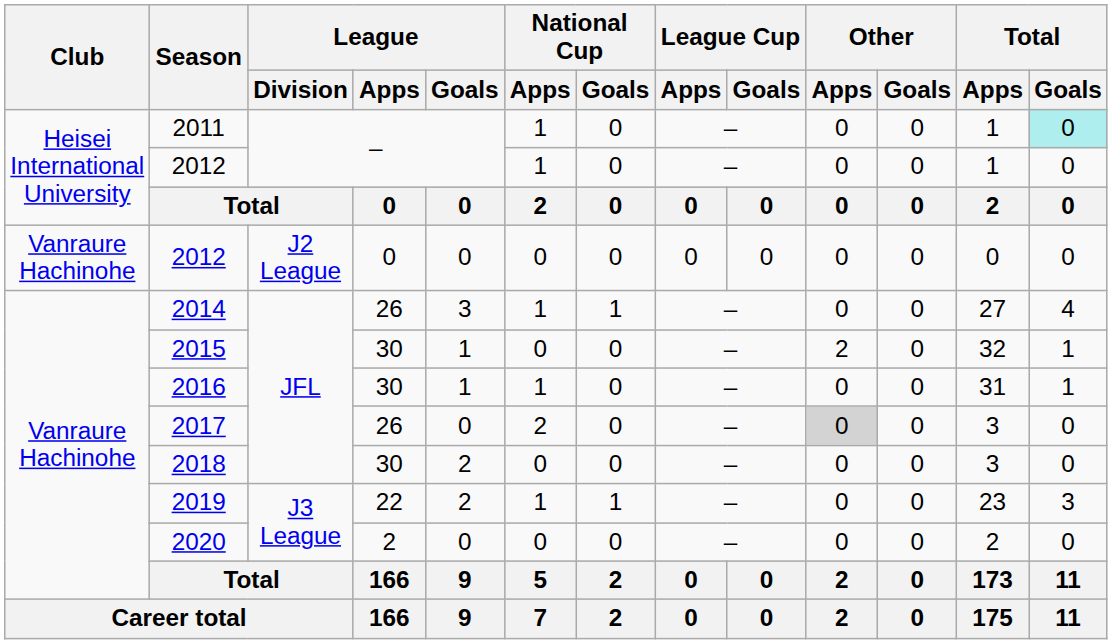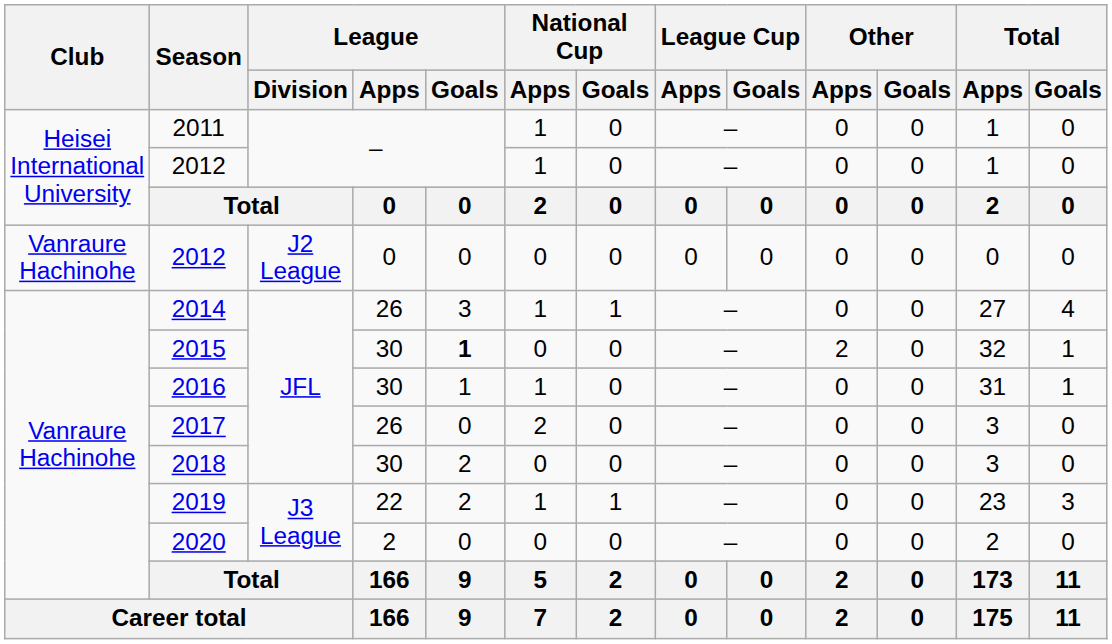 <table class="wikitable" style="text-align: center">
 <tr>
 <th rowspan="2">Club</th>
 <th rowspan="2">Season</th>
 <th colspan="3">League</th>
 <th colspan="2">National Cup</th>
 <th colspan="2">League Cup</th>
 <th colspan="2">Other</th>
 <th colspan="2">Total</th>
 </tr>
 <tr>
 <th>Division</th>
 <th>Apps</th>
 <th>Goals</th>
 <th>Apps</th>
 <th>Goals</th>
 <th>Apps</th>
 <th>Goals</th>
 <th>Apps</th>
 <th>Goals</th>
 <th>Apps</th>
 <th>Goals</th>
 </tr>
 <tr>
 <td rowspan="3"><a href='#'>Heisei International University</a></td>
 <td>2011</td>
 <td colspan="3" rowspan="2">–</td>
 <td>1</td>
 <td>0</td>
 <td colspan="2">–</td>
 <td>0</td>
 <td>0</td>
 <td>1</td>
-<td style="background: paleturquoise;">0</td>
+<td>0</td>
 </tr>
 <tr>
 <td>2012</td>
 <td>1</td>
 <td>0</td>
 <td colspan="2">–</td>
 <td>0</td>
 <td>0</td>
 <td>1</td>
 <td>0</td>
 </tr>
 <tr>
 <th colspan=2>Total</th>
 <th>0</th>
 <th>0</th>
 <th>2</th>
 <th>0</th>
 <th>0</th>
 <th>0</th>
 <th>0</th>
 <th>0</th>
 <th>2</th>
 <th>0</th>
 </tr>
 <tr>
 <td><a href='#'>Vanraure Hachinohe</a></td>
 <td><a href='#'>2012</a></td>
 <td><a href='#'>J2 League</a></td>
 <td>0</td>
 <td>0</td>
 <td>0</td>
 <td>0</td>
 <td>0</td>
 <td>0</td>
 <td>0</td>
 <td>0</td>
 <td>0</td>
 <td>0</td>
 </tr>
 <tr>
 <td rowspan="8"><a href='#'>Vanraure Hachinohe</a></td>
 <td><a href='#'>2014</a></td>
 <td rowspan="5"><a href='#'>JFL</a></td>
 <td>26</td>
 <td>3</td>
 <td>1</td>
 <td>1</td>
 <td colspan="2">–</td>
 <td>0</td>
 <td>0</td>
 <td>27</td>
 <td>4</td>
 </tr>
 <tr>
 <td><a href='#'>2015</a></td>
 <td>30</td>
-<td>1</td>
+<td><strong>1</strong></td>
 <td>0</td>
 <td>0</td>
 <td colspan="2">–</td>
 <td>2</td>
 <td>0</td>
 <td>32</td>
 <td>1</td>
 </tr>
 <tr>
 <td><a href='#'>2016</a></td>
 <td>30</td>
 <td>1</td>
 <td>1</td>
 <td>0</td>
 <td colspan="2">–</td>
 <td>0</td>
 <td>0</td>
 <td>31</td>
 <td>1</td>
 </tr>
 <tr>
 <td><a href='#'>2017</a></td>
 <td>26</td>
 <td>0</td>
 <td>2</td>
 <td>0</td>
 <td colspan="2">–</td>
-<td style="background: lightgrey;">0</td>
+<td>0</td>
 <td>0</td>
 <td>3</td>
 <td>0</td>
 </tr>
 <tr>
 <td><a href='#'>2018</a></td>
 <td>30</td>
 <td>2</td>
 <td>0</td>
 <td>0</td>
 <td colspan="2">–</td>
 <td>0</td>
 <td>0</td>
 <td>3</td>
 <td>0</td>
 </tr>
 <tr>
 <td><a href='#'>2019</a></td>
 <td rowspan="2"><a href='#'>J3 League</a></td>
 <td>22</td>
 <td>2</td>
 <td>1</td>
 <td>1</td>
 <td colspan="2">–</td>
 <td>0</td>
 <td>0</td>
 <td>23</td>
 <td>3</td>
 </tr>
 <tr>
 <td><a href='#'>2020</a></td>
 <td>2</td>
 <td>0</td>
 <td>0</td>
 <td>0</td>
 <td colspan="2">–</td>
 <td>0</td>
 <td>0</td>
 <td>2</td>
 <td>0</td>
 </tr>
 <tr>
 <th colspan=2>Total</th>
 <th>166</th>
 <th>9</th>
 <th>5</th>
 <th>2</th>
 <th>0</th>
 <th>0</th>
 <th>2</th>
 <th>0</th>
 <th>173</th>
 <th>11</th>
 </tr>
 <tr>
 <th colspan=3>Career total</th>
 <th>166</th>
 <th>9</th>
 <th>7</th>
 <th>2</th>
 <th>0</th>
 <th>0</th>
 <th>2</th>
 <th>0</th>
 <th>175</th>
 <th>11</th>
 </tr>
 </table>
